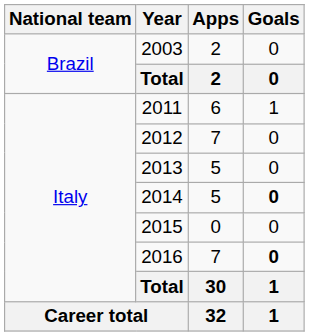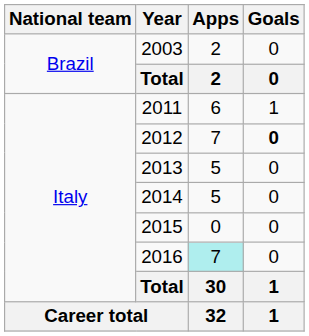 <table class="wikitable" style="text-align:center">
 <tr>
 <th>National team</th>
 <th>Year</th>
 <th>Apps</th>
 <th>Goals</th>
 </tr>
 <tr>
 <td rowspan="2"><a href='#'>Brazil</a></td>
 <td>2003</td>
 <td>2</td>
 <td>0</td>
 </tr>
 <tr>
 <th>Total</th>
 <th>2</th>
 <th>0</th>
 </tr>
 <tr>
 <td rowspan="7"><a href='#'>Italy</a></td>
 <td>2011</td>
 <td>6</td>
 <td>1</td>
 </tr>
 <tr>
 <td>2012</td>
 <td>7</td>
-<td>0</td>
+<td><strong>0</strong></td>
 </tr>
 <tr>
 <td>2013</td>
 <td>5</td>
 <td>0</td>
 </tr>
 <tr>
 <td>2014</td>
 <td>5</td>
-<td><strong>0</strong></td>
+<td>0</td>
 </tr>
 <tr>
 <td>2015</td>
 <td>0</td>
 <td>0</td>
 </tr>
 <tr>
 <td>2016</td>
-<td>7</td>
-<td><strong>0</strong></td>
+<td style="background: paleturquoise;">7</td>
+<td>0</td>
 </tr>
 <tr>
 <th>Total</th>
 <th>30</th>
 <th>1</th>
 </tr>
 <tr>
 <th colspan="2">Career total</th>
 <th>32</th>
 <th>1</th>
 </tr>
 </table>
